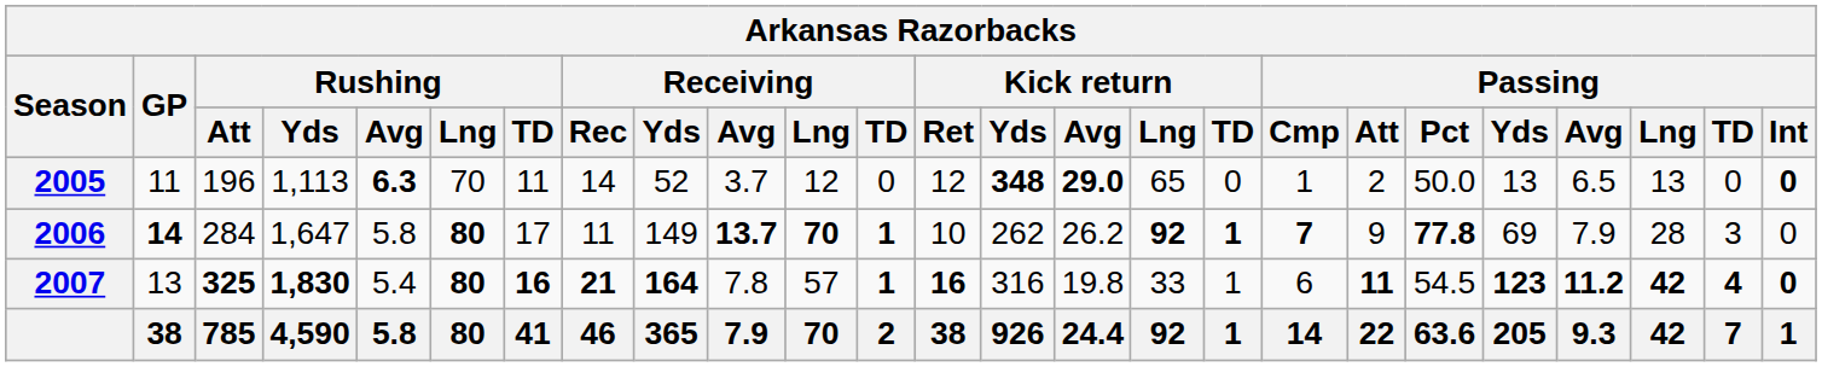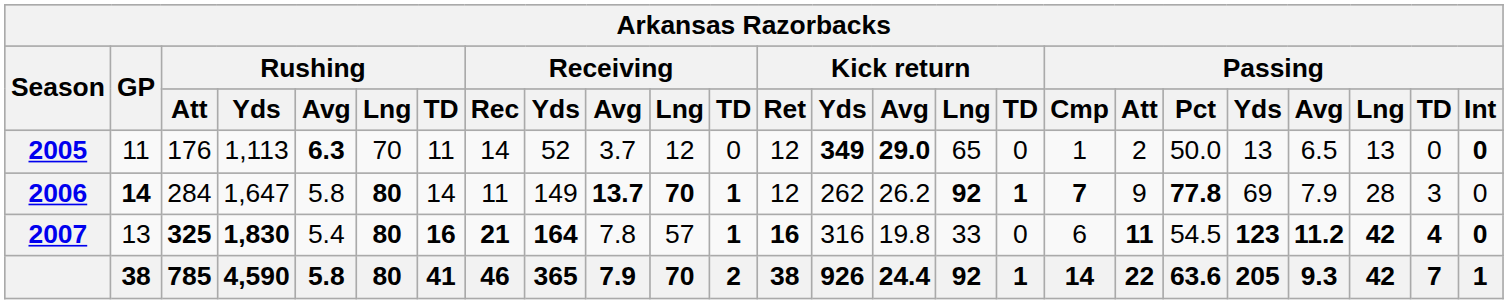 <table class="wikitable" style="text-align: center;">
 <tr>
 <th colspan="25">Arkansas Razorbacks</th>
 </tr>
 <tr>
 <th rowspan="2">Season</th>
 <th rowspan="2">GP</th>
 <th colspan="5">Rushing</th>
 <th colspan="5">Receiving</th>
 <th colspan="5">Kick return</th>
 <th colspan="8">Passing</th>
 </tr>
 <tr>
 <th>Att</th>
 <th>Yds</th>
 <th>Avg</th>
 <th>Lng</th>
 <th>TD</th>
 <th>Rec</th>
 <th>Yds</th>
 <th>Avg</th>
 <th>Lng</th>
 <th>TD</th>
 <th>Ret</th>
 <th>Yds</th>
 <th>Avg</th>
 <th>Lng</th>
 <th>TD</th>
 <th>Cmp</th>
 <th>Att</th>
 <th>Pct</th>
 <th>Yds</th>
 <th>Avg</th>
 <th>Lng</th>
 <th>TD</th>
 <th>Int</th>
 </tr>
 <tr>
 <th><a href='#'>2005</a></th>
 <td>11</td>
-<td>196</td>
+<td>176</td>
 <td>1,113</td>
 <td><strong>6.3</strong></td>
 <td>70</td>
 <td>11</td>
 <td>14</td>
 <td>52</td>
 <td>3.7</td>
 <td>12</td>
 <td>0</td>
 <td>12</td>
-<td><strong>348</strong></td>
+<td><strong>349</strong></td>
 <td><strong>29.0</strong></td>
 <td>65</td>
 <td>0</td>
 <td>1</td>
 <td>2</td>
 <td>50.0</td>
 <td>13</td>
 <td>6.5</td>
 <td>13</td>
 <td>0</td>
 <td><strong>0</strong></td>
 </tr>
 <tr>
 <th><a href='#'>2006</a></th>
 <td><strong>14</strong></td>
 <td>284</td>
 <td>1,647</td>
 <td>5.8</td>
 <td><strong>80</strong></td>
-<td>17</td>
+<td>14</td>
 <td>11</td>
 <td>149</td>
 <td><strong>13.7</strong></td>
 <td><strong>70</strong></td>
 <td><strong>1</strong></td>
-<td>10</td>
+<td>12</td>
 <td>262</td>
 <td>26.2</td>
 <td><strong>92</strong></td>
 <td><strong>1</strong></td>
 <td><strong>7</strong></td>
 <td>9</td>
 <td><strong>77.8</strong></td>
 <td>69</td>
 <td>7.9</td>
 <td>28</td>
 <td>3</td>
 <td>0</td>
 </tr>
 <tr>
 <th><a href='#'>2007</a></th>
 <td>13</td>
 <td><strong>325</strong></td>
 <td><strong>1,830</strong></td>
 <td>5.4</td>
 <td><strong>80</strong></td>
 <td><strong>16</strong></td>
 <td><strong>21</strong></td>
 <td><strong>164</strong></td>
 <td>7.8</td>
 <td>57</td>
 <td><strong>1</strong></td>
 <td><strong>16</strong></td>
 <td>316</td>
 <td>19.8</td>
 <td>33</td>
-<td>1</td>
+<td>0</td>
 <td>6</td>
 <td><strong>11</strong></td>
 <td>54.5</td>
 <td><strong>123</strong></td>
 <td><strong>11.2</strong></td>
 <td><strong>42</strong></td>
 <td><strong>4</strong></td>
 <td><strong>0</strong></td>
 </tr>
 <tr>
 <th></th>
 <th>38</th>
 <th>785</th>
 <th>4,590</th>
 <th>5.8</th>
 <th>80</th>
 <th>41</th>
 <th>46</th>
 <th>365</th>
 <th>7.9</th>
 <th>70</th>
 <th>2</th>
 <th>38</th>
 <th>926</th>
 <th>24.4</th>
 <th>92</th>
 <th>1</th>
 <th>14</th>
 <th>22</th>
 <th>63.6</th>
 <th>205</th>
 <th>9.3</th>
 <th>42</th>
 <th>7</th>
 <th>1</th>
 </tr>
 </table>
